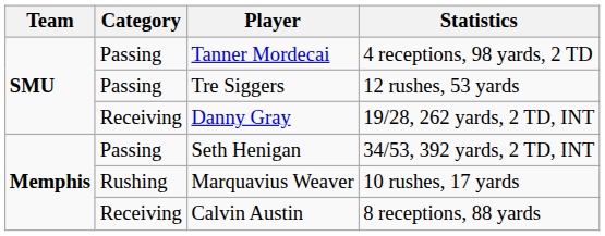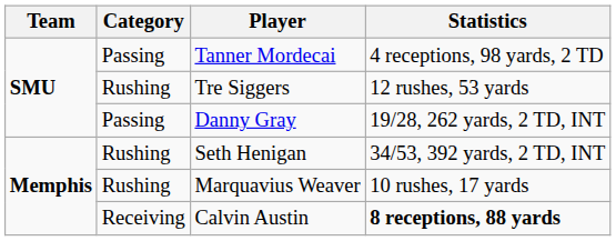 <table class="wikitable" style="float: left;">
 <tr>
 <th>Team</th>
 <th>Category</th>
 <th>Player</th>
 <th>Statistics</th>
 </tr>
 <tr>
 <td rowspan=3><strong>SMU</strong></td>
 <td>Passing</td>
 <td><a href='#'>Tanner Mordecai</a></td>
 <td>4 receptions, 98 yards, 2 TD</td>
 </tr>
 <tr>
-<td>Passing</td>
+<td>Rushing</td>
 <td>Tre Siggers</td>
 <td>12 rushes, 53 yards</td>
 </tr>
 <tr>
-<td>Receiving</td>
+<td>Passing</td>
 <td><a href='#'>Danny Gray</a></td>
 <td>19/28, 262 yards, 2 TD, INT</td>
 </tr>
 <tr>
 <td rowspan=3><strong>Memphis</strong></td>
-<td>Passing</td>
+<td>Rushing</td>
 <td>Seth Henigan</td>
 <td>34/53, 392 yards, 2 TD, INT</td>
 </tr>
 <tr>
 <td>Rushing</td>
 <td>Marquavius Weaver</td>
 <td>10 rushes, 17 yards</td>
 </tr>
 <tr>
 <td>Receiving</td>
 <td>Calvin Austin</td>
-<td>8 receptions, 88 yards</td>
+<td><strong>8 receptions, 88 yards</strong></td>
 </tr>
 </table>
